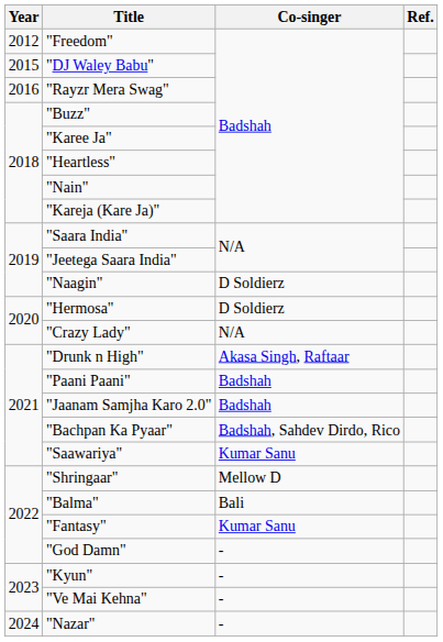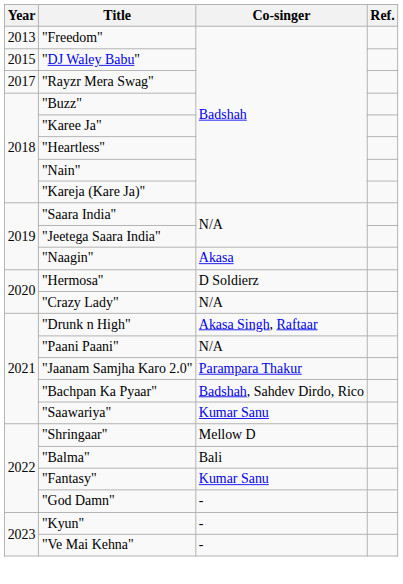 <table class="wikitable">
 <tr style="background:#cfc;">
 <th>Year</th>
 <th>Title</th>
 <th>Co-singer</th>
 <th>Ref.</th>
 </tr>
 <tr>
-<td>2012</td>
+<td>2013</td>
 <td>"Freedom"</td>
 <td rowspan="8"><a href='#'>Badshah</a></td>
 <td></td>
 </tr>
 <tr>
 <td>2015</td>
 <td>"<a href='#'>DJ Waley Babu</a>"</td>
 <td></td>
 </tr>
 <tr>
-<td>2016</td>
+<td>2017</td>
 <td>"Rayzr Mera Swag"</td>
 <td></td>
 </tr>
 <tr>
 <td rowspan="5">2018</td>
 <td>"Buzz"</td>
 <td></td>
 </tr>
 <tr>
 <td>"Karee Ja"</td>
 <td></td>
 </tr>
 <tr>
 <td>"Heartless"</td>
 <td></td>
 </tr>
 <tr>
 <td>"Nain"</td>
 <td></td>
 </tr>
 <tr>
 <td>"Kareja (Kare Ja)"</td>
 <td></td>
 </tr>
 <tr>
 <td rowspan="3">2019</td>
 <td>"Saara India"</td>
 <td rowspan="2">N/A</td>
 <td></td>
 </tr>
 <tr>
 <td>"Jeetega Saara India"</td>
 <td></td>
 </tr>
 <tr>
 <td>"Naagin"</td>
-<td>D Soldierz</td>
+<td><a href='#'>Akasa</a></td>
 <td></td>
 </tr>
 <tr>
 <td rowspan="2">2020</td>
 <td>"Hermosa"</td>
 <td>D Soldierz</td>
 <td></td>
 </tr>
 <tr>
 <td>"Crazy Lady"</td>
 <td>N/A</td>
 <td></td>
 </tr>
 <tr>
 <td rowspan="5">2021</td>
 <td>"Drunk n High"</td>
 <td><a href='#'>Akasa Singh</a>, <a href='#'>Raftaar</a></td>
 <td></td>
 </tr>
 <tr>
 <td>"Paani Paani"</td>
-<td><a href='#'>Badshah</a></td>
+<td>N/A</td>
 <td></td>
 </tr>
 <tr>
 <td>"Jaanam Samjha Karo 2.0"</td>
-<td><a href='#'>Badshah</a></td>
+<td><a href='#'>Parampara Thakur</a></td>
 <td></td>
 </tr>
 <tr>
 <td>"Bachpan Ka Pyaar"</td>
 <td><a href='#'>Badshah</a>, Sahdev Dirdo, Rico</td>
 <td></td>
 </tr>
 <tr>
 <td>"Saawariya"</td>
 <td><a href='#'>Kumar Sanu</a></td>
 <td></td>
 </tr>
 <tr>
 <td rowspan="4">2022</td>
 <td>"Shringaar"</td>
 <td>Mellow D</td>
 <td></td>
 </tr>
 <tr>
 <td>"Balma"</td>
 <td>Bali</td>
 <td></td>
 </tr>
 <tr>
 <td>"Fantasy"</td>
 <td><a href='#'>Kumar Sanu</a></td>
 <td></td>
 </tr>
 <tr>
 <td>"God Damn"</td>
 <td>-</td>
 <td></td>
 </tr>
 <tr>
 <td rowspan="2">2023</td>
 <td>"Kyun"</td>
 <td>-</td>
 <td></td>
 </tr>
 <tr>
 <td>"Ve Mai Kehna"</td>
 <td>-</td>
 <td></td>
 </tr>
-<tr>
-<td>2024</td>
-<td>"Nazar"</td>
-<td>-</td>
-<td></td>
-</tr>
 </table>
